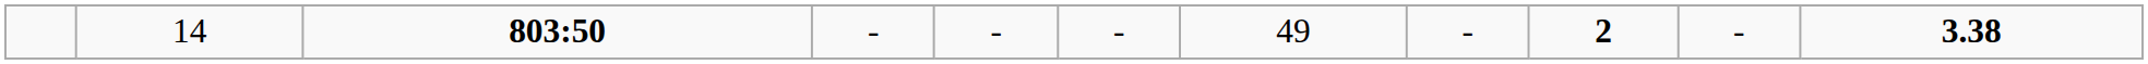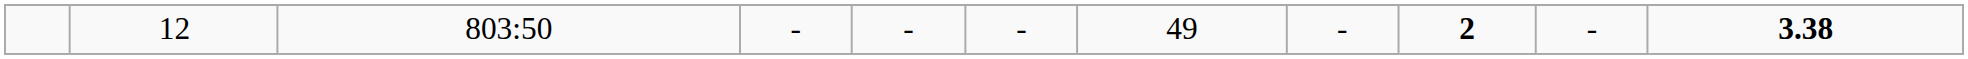 <table class="wikitable sortable" width ="1000">
 <tr align="center">
 </tr>
 <tr align="center" bgcolor="">
 <td></td>
-<td>14</td>
-<td><strong>803:50</strong></td>
+<td>12</td>
+<td>803:50</td>
 <td>-</td>
 <td>-</td>
 <td>-</td>
 <td>49</td>
 <td>-</td>
 <td><strong>2</strong></td>
 <td>-</td>
 <td><strong>3.38</strong></td>
 </tr>
 </table>
